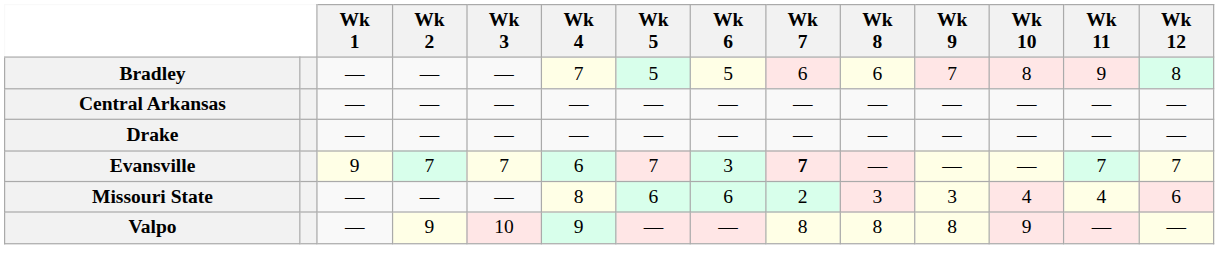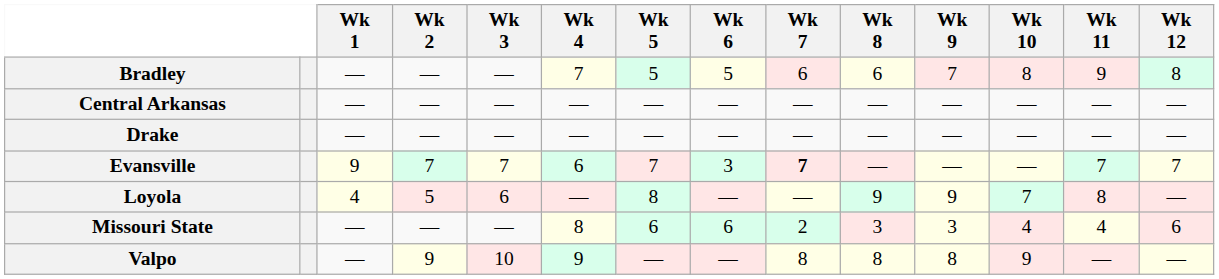 <table class="wikitable" style="text-align:center; width:50%">
 <tr>
 <th colspan=2 style="background:white; border-top-style:hidden; border-left-style:hidden;"> </th>
 <th>Wk<br>1</th>
 <th>Wk<br>2</th>
 <th>Wk<br>3</th>
 <th>Wk<br>4</th>
 <th>Wk<br>5</th>
 <th>Wk<br>6</th>
 <th>Wk<br>7</th>
 <th>Wk<br>8</th>
 <th>Wk<br>9</th>
 <th>Wk<br>10</th>
 <th>Wk<br>11</th>
 <th>Wk<br>12</th>
 </tr>
 <tr style="text-align:center;">
 <th>Bradley</th>
 <th></th>
 <td style="background:#">—</td>
 <td style="background:#">—</td>
 <td style="background:#">—</td>
 <td style="background:#FFFFE6">7</td>
 <td style="background:#D8FFEB">5</td>
 <td style="background:#FFFFE6">5</td>
 <td style="background:#FFE6E6">6</td>
 <td style="background:#FFFFE6">6</td>
 <td style="background:#FFE6E6">7</td>
 <td style="background:#FFE6E6">8</td>
 <td style="background:#FFE6E6">9</td>
 <td style="background:#D8FFEB">8</td>
 </tr>
 <tr style="text-align:center;">
 <th>Central Arkansas</th>
 <th></th>
 <td style="background:#">—</td>
 <td style="background:#">—</td>
 <td style="background:#">—</td>
 <td style="background:#">—</td>
 <td style="background:#">—</td>
 <td style="background:#">—</td>
 <td style="background:#">—</td>
 <td style="background:#">—</td>
 <td style="background:#">—</td>
 <td style="background:#">—</td>
 <td style="background:#">—</td>
 <td style="background:#">—</td>
 </tr>
 <tr style="text-align:center;">
 <th>Drake</th>
 <th></th>
 <td style="background:#">—</td>
 <td style="background:#">—</td>
 <td style="background:#">—</td>
 <td style="background:#">—</td>
 <td style="background:#">—</td>
 <td style="background:#">—</td>
 <td style="background:#">—</td>
 <td style="background:#">—</td>
 <td style="background:#">—</td>
 <td style="background:#">—</td>
 <td style="background:#">—</td>
 <td style="background:#">—</td>
 </tr>
 <tr style="text-align:center;">
 <th>Evansville</th>
 <th></th>
 <td style="background:#FFFFE6">9</td>
 <td style="background:#D8FFEB">7</td>
 <td style="background:#FFFFE6">7</td>
 <td style="background:#D8FFEB">6</td>
 <td style="background:#FFE6E6">7</td>
 <td style="background:#D8FFEB">3</td>
 <td style="background:#FFE6E6"><strong>7</strong></td>
 <td style="background:#FFE6E6">—</td>
 <td style="background:#FFFFE6">—</td>
 <td style="background:#FFFFE6">—</td>
 <td style="background:#D8FFEB">7</td>
 <td style="background:#FFFFE6">7</td>
 </tr>
 <tr style="text-align:center;">
+<th>Loyola</th>
+<th></th>
+<td style="background:#FFFFE6">4</td>
+<td style="background:#FFE6E6">5</td>
+<td style="background:#FFE6E6">6</td>
+<td style="background:#FFE6E6">—</td>
+<td style="background:#D8FFEB">8</td>
+<td style="background:#FFE6E6">—</td>
+<td style="background:#FFFFE6">—</td>
+<td style="background:#D8FFEB">9</td>
+<td style="background:#FFFFE6">9</td>
+<td style="background:#D8FFEB">7</td>
+<td style="background:#FFE6E6">8</td>
+<td style="background:#FFE6E6">—</td>
+</tr>
+<tr style="text-align:center;">
 <th>Missouri State</th>
 <th></th>
 <td style="background:#">—</td>
 <td style="background:#">—</td>
 <td style="background:#">—</td>
 <td style="background:#FFFFE6">8</td>
 <td style="background:#D8FFEB">6</td>
 <td style="background:#D8FFEB">6</td>
 <td style="background:#D8FFEB">2</td>
 <td style="background:#FFE6E6">3</td>
 <td style="background:#FFFFE6">3</td>
 <td style="background:#FFE6E6">4</td>
 <td style="background:#FFFFE6">4</td>
 <td style="background:#FFE6E6">6</td>
 </tr>
 <tr style="text-align:center;">
 <th>Valpo</th>
 <th></th>
 <td style="background:#">—</td>
 <td style="background:#FFFFE6">9</td>
 <td style="background:#FFE6E6">10</td>
 <td style="background:#D8FFEB">9</td>
 <td style="background:#FFE6E6">—</td>
 <td style="background:#FFE6E6">—</td>
 <td style="background:#FFFFE6">8</td>
 <td style="background:#FFFFE6">8</td>
 <td style="background:#FFFFE6">8</td>
 <td style="background:#FFE6E6">9</td>
 <td style="background:#FFE6E6">—</td>
 <td style="background:#FFFFE6">—</td>
 </tr>
 </table>
